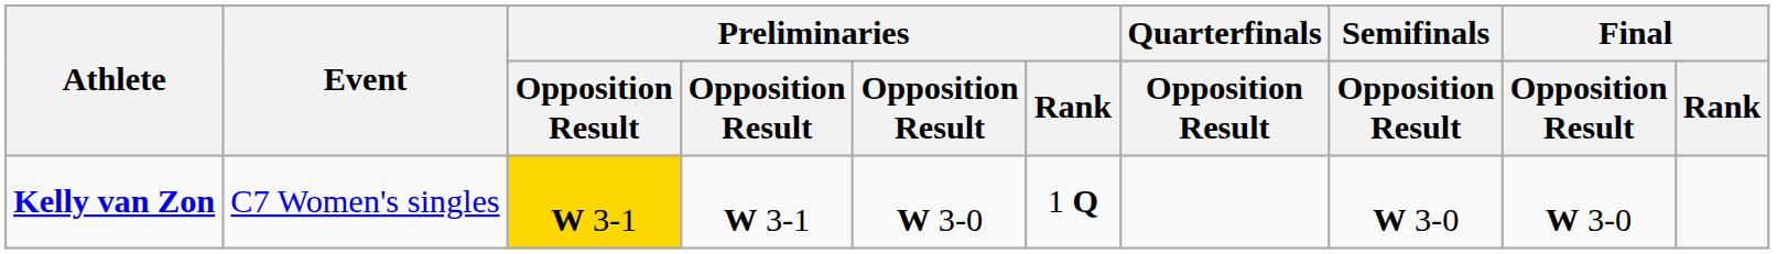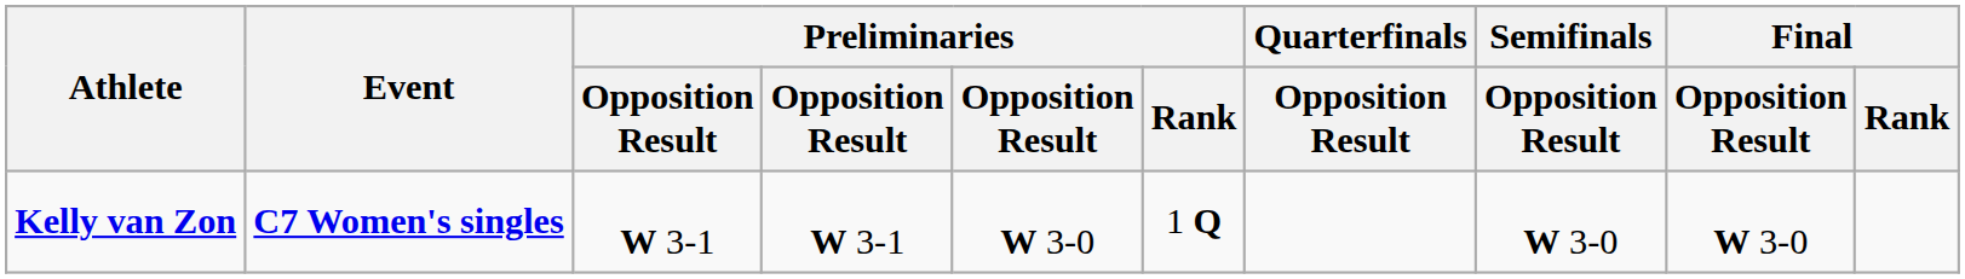 <table class=wikitable style="font-size:90%; text-align:center">
 <tr>
 <th rowspan=2>Athlete</th>
 <th rowspan=2>Event</th>
 <th colspan=4>Preliminaries</th>
 <th>Quarterfinals</th>
 <th>Semifinals</th>
 <th colspan=2>Final</th>
 </tr>
 <tr>
 <th>Opposition<br>Result</th>
 <th>Opposition<br>Result</th>
 <th>Opposition<br>Result</th>
 <th>Rank</th>
 <th>Opposition<br>Result</th>
 <th>Opposition<br>Result</th>
 <th>Opposition<br>Result</th>
 <th>Rank</th>
 </tr>
 <tr>
 <td><strong><a href='#'>Kelly van Zon</a></strong></td>
-<td><a href='#'>C7 Women's singles</a></td>
-<td style="background: gold;"><br><strong>W</strong> 3-1</td>
+<td><strong><a href='#'>C7 Women's singles</a></strong></td>
+<td><br><strong>W</strong> 3-1</td>
 <td><br><strong>W</strong> 3-1</td>
 <td><br><strong>W</strong> 3-0</td>
 <td>1 <strong>Q</strong></td>
 <td></td>
 <td><br><strong>W</strong> 3-0</td>
 <td><br><strong>W</strong> 3-0</td>
 <td></td>
 </tr>
 </table>
